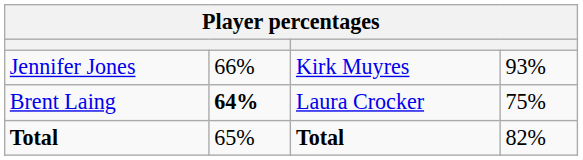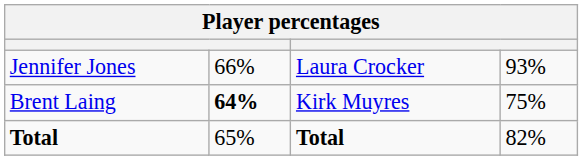 <table class="wikitable">
 <tr>
 <th colspan=4 width=400>Player percentages</th>
 </tr>
 <tr>
 <th colspan=2 width=200 style="white-space:nowrap;"></th>
 <th colspan=2 width=200 style="white-space:nowrap;"> </th>
 </tr>
 <tr>
 <td><a href='#'>Jennifer Jones</a></td>
 <td>66%</td>
-<td><a href='#'>Kirk Muyres</a></td>
+<td><a href='#'>Laura Crocker</a></td>
 <td>93%</td>
 </tr>
 <tr>
 <td><a href='#'>Brent Laing</a></td>
 <td><strong>64%</strong></td>
-<td><a href='#'>Laura Crocker</a></td>
+<td><a href='#'>Kirk Muyres</a></td>
 <td>75%</td>
 </tr>
 <tr>
 <td><strong>Total</strong></td>
 <td>65%</td>
 <td><strong>Total</strong></td>
 <td>82%</td>
 </tr>
 </table>
